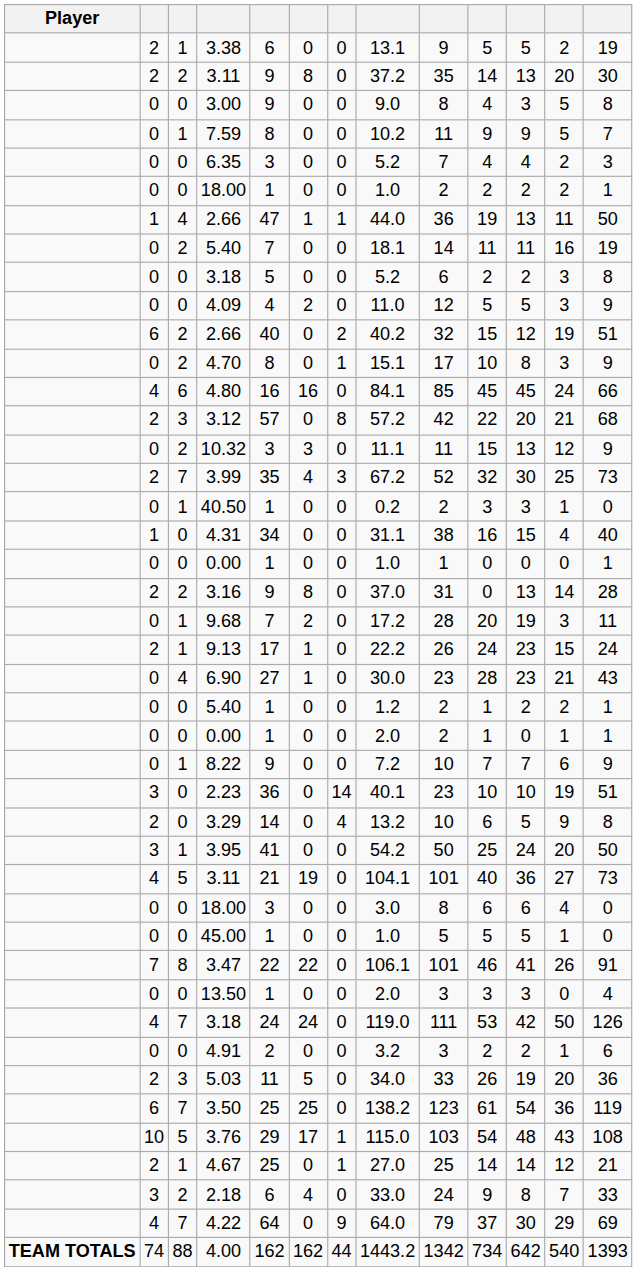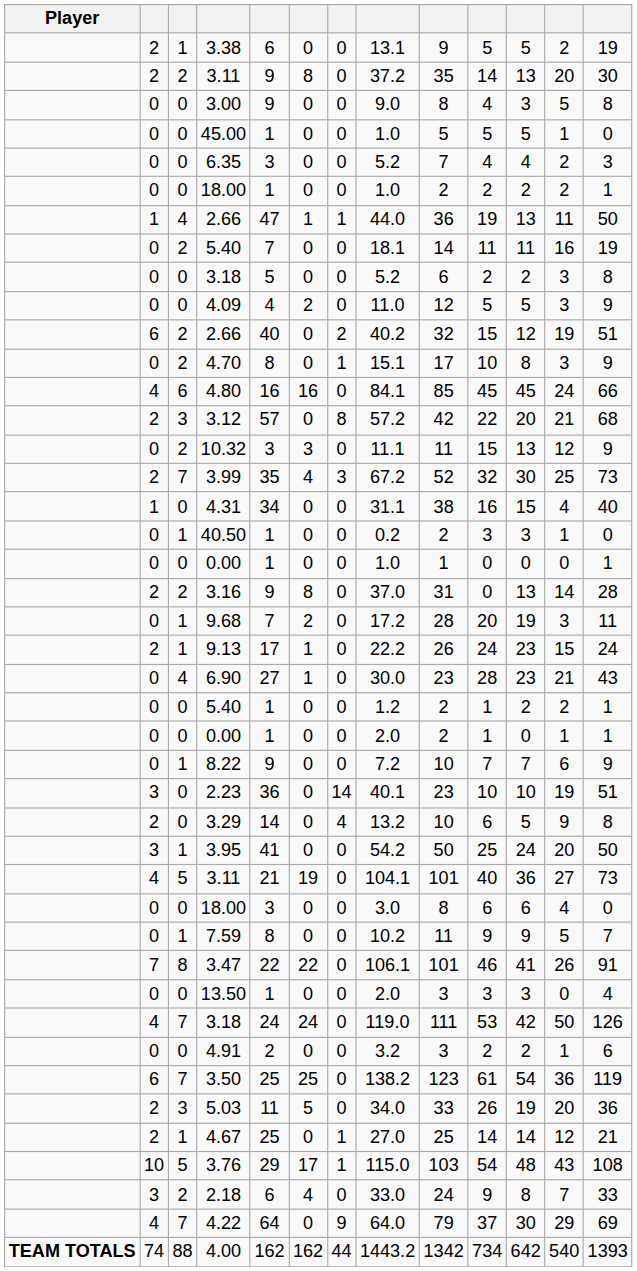 <table class="wikitable sortable" style="text-align:center;">
 <tr>
 <th>Player</th>
 <th></th>
 <th></th>
 <th></th>
 <th></th>
 <th></th>
 <th></th>
 <th></th>
 <th></th>
 <th></th>
 <th></th>
 <th></th>
 <th></th>
 </tr>
 <tr>
 <td align=left></td>
 <td>2</td>
 <td>1</td>
 <td>3.38</td>
 <td>6</td>
 <td>0</td>
 <td>0</td>
 <td>13.1</td>
 <td>9</td>
 <td>5</td>
 <td>5</td>
 <td>2</td>
 <td>19</td>
 </tr>
 <tr>
 <td align=left></td>
 <td>2</td>
 <td>2</td>
 <td>3.11</td>
 <td>9</td>
 <td>8</td>
 <td>0</td>
 <td>37.2</td>
 <td>35</td>
 <td>14</td>
 <td>13</td>
 <td>20</td>
 <td>30</td>
 </tr>
 <tr>
 <td align=left></td>
 <td>0</td>
 <td>0</td>
 <td>3.00</td>
 <td>9</td>
 <td>0</td>
 <td>0</td>
 <td>9.0</td>
 <td>8</td>
 <td>4</td>
 <td>3</td>
 <td>5</td>
 <td>8</td>
 </tr>
 <tr>
 <td align=left></td>
 <td>0</td>
+<td>0</td>
+<td>45.00</td>
 <td>1</td>
-<td>7.59</td>
-<td>8</td>
 <td>0</td>
 <td>0</td>
-<td>10.2</td>
-<td>11</td>
-<td>9</td>
-<td>9</td>
+<td>1.0</td>
 <td>5</td>
-<td>7</td>
+<td>5</td>
+<td>5</td>
+<td>1</td>
+<td>0</td>
 </tr>
 <tr>
 <td align=left></td>
 <td>0</td>
 <td>0</td>
 <td>6.35</td>
 <td>3</td>
 <td>0</td>
 <td>0</td>
 <td>5.2</td>
 <td>7</td>
 <td>4</td>
 <td>4</td>
 <td>2</td>
 <td>3</td>
 </tr>
 <tr>
 <td align=left></td>
 <td>0</td>
 <td>0</td>
 <td>18.00</td>
 <td>1</td>
 <td>0</td>
 <td>0</td>
 <td>1.0</td>
 <td>2</td>
 <td>2</td>
 <td>2</td>
 <td>2</td>
 <td>1</td>
 </tr>
 <tr>
 <td align=left></td>
 <td>1</td>
 <td>4</td>
 <td>2.66</td>
 <td>47</td>
 <td>1</td>
 <td>1</td>
 <td>44.0</td>
 <td>36</td>
 <td>19</td>
 <td>13</td>
 <td>11</td>
 <td>50</td>
 </tr>
 <tr>
 <td align=left></td>
 <td>0</td>
 <td>2</td>
 <td>5.40</td>
 <td>7</td>
 <td>0</td>
 <td>0</td>
 <td>18.1</td>
 <td>14</td>
 <td>11</td>
 <td>11</td>
 <td>16</td>
 <td>19</td>
 </tr>
 <tr>
 <td align=left></td>
 <td>0</td>
 <td>0</td>
 <td>3.18</td>
 <td>5</td>
 <td>0</td>
 <td>0</td>
 <td>5.2</td>
 <td>6</td>
 <td>2</td>
 <td>2</td>
 <td>3</td>
 <td>8</td>
 </tr>
 <tr>
 <td align=left></td>
 <td>0</td>
 <td>0</td>
 <td>4.09</td>
 <td>4</td>
 <td>2</td>
 <td>0</td>
 <td>11.0</td>
 <td>12</td>
 <td>5</td>
 <td>5</td>
 <td>3</td>
 <td>9</td>
 </tr>
 <tr>
 <td align=left></td>
 <td>6</td>
 <td>2</td>
 <td>2.66</td>
 <td>40</td>
 <td>0</td>
 <td>2</td>
 <td>40.2</td>
 <td>32</td>
 <td>15</td>
 <td>12</td>
 <td>19</td>
 <td>51</td>
 </tr>
 <tr>
 <td align=left></td>
 <td>0</td>
 <td>2</td>
 <td>4.70</td>
 <td>8</td>
 <td>0</td>
 <td>1</td>
 <td>15.1</td>
 <td>17</td>
 <td>10</td>
 <td>8</td>
 <td>3</td>
 <td>9</td>
 </tr>
 <tr>
 <td align=left></td>
 <td>4</td>
 <td>6</td>
 <td>4.80</td>
 <td>16</td>
 <td>16</td>
 <td>0</td>
 <td>84.1</td>
 <td>85</td>
 <td>45</td>
 <td>45</td>
 <td>24</td>
 <td>66</td>
 </tr>
 <tr>
 <td align=left></td>
 <td>2</td>
 <td>3</td>
 <td>3.12</td>
 <td>57</td>
 <td>0</td>
 <td>8</td>
 <td>57.2</td>
 <td>42</td>
 <td>22</td>
 <td>20</td>
 <td>21</td>
 <td>68</td>
 </tr>
 <tr>
 <td align=left></td>
 <td>0</td>
 <td>2</td>
 <td>10.32</td>
 <td>3</td>
 <td>3</td>
 <td>0</td>
 <td>11.1</td>
 <td>11</td>
 <td>15</td>
 <td>13</td>
 <td>12</td>
 <td>9</td>
 </tr>
 <tr>
 <td align=left></td>
 <td>2</td>
 <td>7</td>
 <td>3.99</td>
 <td>35</td>
 <td>4</td>
 <td>3</td>
 <td>67.2</td>
 <td>52</td>
 <td>32</td>
 <td>30</td>
 <td>25</td>
 <td>73</td>
 </tr>
 <tr>
 <td align=left></td>
+<td>1</td>
+<td>0</td>
+<td>4.31</td>
+<td>34</td>
+<td>0</td>
+<td>0</td>
+<td>31.1</td>
+<td>38</td>
+<td>16</td>
+<td>15</td>
+<td>4</td>
+<td>40</td>
+</tr>
+<tr>
+<td align=left></td>
 <td>0</td>
 <td>1</td>
 <td>40.50</td>
 <td>1</td>
 <td>0</td>
 <td>0</td>
 <td>0.2</td>
 <td>2</td>
 <td>3</td>
 <td>3</td>
 <td>1</td>
 <td>0</td>
-</tr>
-<tr>
-<td align=left></td>
-<td>1</td>
-<td>0</td>
-<td>4.31</td>
-<td>34</td>
-<td>0</td>
-<td>0</td>
-<td>31.1</td>
-<td>38</td>
-<td>16</td>
-<td>15</td>
-<td>4</td>
-<td>40</td>
 </tr>
 <tr>
 <td align=left></td>
 <td>0</td>
 <td>0</td>
 <td>0.00</td>
 <td>1</td>
 <td>0</td>
 <td>0</td>
 <td>1.0</td>
 <td>1</td>
 <td>0</td>
 <td>0</td>
 <td>0</td>
 <td>1</td>
 </tr>
 <tr>
 <td align=left></td>
 <td>2</td>
 <td>2</td>
 <td>3.16</td>
 <td>9</td>
 <td>8</td>
 <td>0</td>
 <td>37.0</td>
 <td>31</td>
 <td>0</td>
 <td>13</td>
 <td>14</td>
 <td>28</td>
 </tr>
 <tr>
 <td align=left></td>
 <td>0</td>
 <td>1</td>
 <td>9.68</td>
 <td>7</td>
 <td>2</td>
 <td>0</td>
 <td>17.2</td>
 <td>28</td>
 <td>20</td>
 <td>19</td>
 <td>3</td>
 <td>11</td>
 </tr>
 <tr>
 <td align=left></td>
 <td>2</td>
 <td>1</td>
 <td>9.13</td>
 <td>17</td>
 <td>1</td>
 <td>0</td>
 <td>22.2</td>
 <td>26</td>
 <td>24</td>
 <td>23</td>
 <td>15</td>
 <td>24</td>
 </tr>
 <tr>
 <td align=left></td>
 <td>0</td>
 <td>4</td>
 <td>6.90</td>
 <td>27</td>
 <td>1</td>
 <td>0</td>
 <td>30.0</td>
 <td>23</td>
 <td>28</td>
 <td>23</td>
 <td>21</td>
 <td>43</td>
 </tr>
 <tr>
 <td align=left></td>
 <td>0</td>
 <td>0</td>
 <td>5.40</td>
 <td>1</td>
 <td>0</td>
 <td>0</td>
 <td>1.2</td>
 <td>2</td>
 <td>1</td>
 <td>2</td>
 <td>2</td>
 <td>1</td>
 </tr>
 <tr>
 <td align=left></td>
 <td>0</td>
 <td>0</td>
 <td>0.00</td>
 <td>1</td>
 <td>0</td>
 <td>0</td>
 <td>2.0</td>
 <td>2</td>
 <td>1</td>
 <td>0</td>
 <td>1</td>
 <td>1</td>
 </tr>
 <tr>
 <td align=left></td>
 <td>0</td>
 <td>1</td>
 <td>8.22</td>
 <td>9</td>
 <td>0</td>
 <td>0</td>
 <td>7.2</td>
 <td>10</td>
 <td>7</td>
 <td>7</td>
 <td>6</td>
 <td>9</td>
 </tr>
 <tr>
 <td align=left></td>
 <td>3</td>
 <td>0</td>
 <td>2.23</td>
 <td>36</td>
 <td>0</td>
 <td>14</td>
 <td>40.1</td>
 <td>23</td>
 <td>10</td>
 <td>10</td>
 <td>19</td>
 <td>51</td>
 </tr>
 <tr>
 <td align=left></td>
 <td>2</td>
 <td>0</td>
 <td>3.29</td>
 <td>14</td>
 <td>0</td>
 <td>4</td>
 <td>13.2</td>
 <td>10</td>
 <td>6</td>
 <td>5</td>
 <td>9</td>
 <td>8</td>
 </tr>
 <tr>
 <td align=left></td>
 <td>3</td>
 <td>1</td>
 <td>3.95</td>
 <td>41</td>
 <td>0</td>
 <td>0</td>
 <td>54.2</td>
 <td>50</td>
 <td>25</td>
 <td>24</td>
 <td>20</td>
 <td>50</td>
 </tr>
 <tr>
 <td align=left></td>
 <td>4</td>
 <td>5</td>
 <td>3.11</td>
 <td>21</td>
 <td>19</td>
 <td>0</td>
 <td>104.1</td>
 <td>101</td>
 <td>40</td>
 <td>36</td>
 <td>27</td>
 <td>73</td>
 </tr>
 <tr>
 <td align=left></td>
 <td>0</td>
 <td>0</td>
 <td>18.00</td>
 <td>3</td>
 <td>0</td>
 <td>0</td>
 <td>3.0</td>
 <td>8</td>
 <td>6</td>
 <td>6</td>
 <td>4</td>
 <td>0</td>
 </tr>
 <tr>
 <td align=left></td>
 <td>0</td>
-<td>0</td>
-<td>45.00</td>
 <td>1</td>
+<td>7.59</td>
+<td>8</td>
 <td>0</td>
 <td>0</td>
-<td>1.0</td>
+<td>10.2</td>
+<td>11</td>
+<td>9</td>
+<td>9</td>
 <td>5</td>
-<td>5</td>
-<td>5</td>
-<td>1</td>
-<td>0</td>
+<td>7</td>
 </tr>
 <tr>
 <td align=left></td>
 <td>7</td>
 <td>8</td>
 <td>3.47</td>
 <td>22</td>
 <td>22</td>
 <td>0</td>
 <td>106.1</td>
 <td>101</td>
 <td>46</td>
 <td>41</td>
 <td>26</td>
 <td>91</td>
 </tr>
 <tr>
 <td align=left></td>
 <td>0</td>
 <td>0</td>
 <td>13.50</td>
 <td>1</td>
 <td>0</td>
 <td>0</td>
 <td>2.0</td>
 <td>3</td>
 <td>3</td>
 <td>3</td>
 <td>0</td>
 <td>4</td>
 </tr>
 <tr>
 <td align=left></td>
 <td>4</td>
 <td>7</td>
 <td>3.18</td>
 <td>24</td>
 <td>24</td>
 <td>0</td>
 <td>119.0</td>
 <td>111</td>
 <td>53</td>
 <td>42</td>
 <td>50</td>
 <td>126</td>
 </tr>
 <tr>
 <td align=left></td>
 <td>0</td>
 <td>0</td>
 <td>4.91</td>
 <td>2</td>
 <td>0</td>
 <td>0</td>
 <td>3.2</td>
 <td>3</td>
 <td>2</td>
 <td>2</td>
 <td>1</td>
 <td>6</td>
 </tr>
 <tr>
 <td align=left></td>
+<td>6</td>
+<td>7</td>
+<td>3.50</td>
+<td>25</td>
+<td>25</td>
+<td>0</td>
+<td>138.2</td>
+<td>123</td>
+<td>61</td>
+<td>54</td>
+<td>36</td>
+<td>119</td>
+</tr>
+<tr>
+<td align=left></td>
 <td>2</td>
 <td>3</td>
 <td>5.03</td>
 <td>11</td>
 <td>5</td>
 <td>0</td>
 <td>34.0</td>
 <td>33</td>
 <td>26</td>
 <td>19</td>
 <td>20</td>
 <td>36</td>
 </tr>
 <tr>
 <td align=left></td>
-<td>6</td>
-<td>7</td>
-<td>3.50</td>
-<td>25</td>
+<td>2</td>
+<td>1</td>
+<td>4.67</td>
 <td>25</td>
 <td>0</td>
-<td>138.2</td>
-<td>123</td>
-<td>61</td>
-<td>54</td>
-<td>36</td>
-<td>119</td>
+<td>1</td>
+<td>27.0</td>
+<td>25</td>
+<td>14</td>
+<td>14</td>
+<td>12</td>
+<td>21</td>
 </tr>
 <tr>
 <td align=left></td>
 <td>10</td>
 <td>5</td>
 <td>3.76</td>
 <td>29</td>
 <td>17</td>
 <td>1</td>
 <td>115.0</td>
 <td>103</td>
 <td>54</td>
 <td>48</td>
 <td>43</td>
 <td>108</td>
-</tr>
-<tr>
-<td align=left></td>
-<td>2</td>
-<td>1</td>
-<td>4.67</td>
-<td>25</td>
-<td>0</td>
-<td>1</td>
-<td>27.0</td>
-<td>25</td>
-<td>14</td>
-<td>14</td>
-<td>12</td>
-<td>21</td>
 </tr>
 <tr>
 <td align=left></td>
 <td>3</td>
 <td>2</td>
 <td>2.18</td>
 <td>6</td>
 <td>4</td>
 <td>0</td>
 <td>33.0</td>
 <td>24</td>
 <td>9</td>
 <td>8</td>
 <td>7</td>
 <td>33</td>
 </tr>
 <tr>
 <td align=left></td>
 <td>4</td>
 <td>7</td>
 <td>4.22</td>
 <td>64</td>
 <td>0</td>
 <td>9</td>
 <td>64.0</td>
 <td>79</td>
 <td>37</td>
 <td>30</td>
 <td>29</td>
 <td>69</td>
 </tr>
 <tr class="sortbottom">
 <td align="left"><strong>TEAM TOTALS</strong></td>
 <td>74</td>
 <td>88</td>
 <td>4.00</td>
 <td>162</td>
 <td>162</td>
 <td>44</td>
 <td>1443.2</td>
 <td>1342</td>
 <td>734</td>
 <td>642</td>
 <td>540</td>
 <td>1393</td>
 </tr>
 </table>
